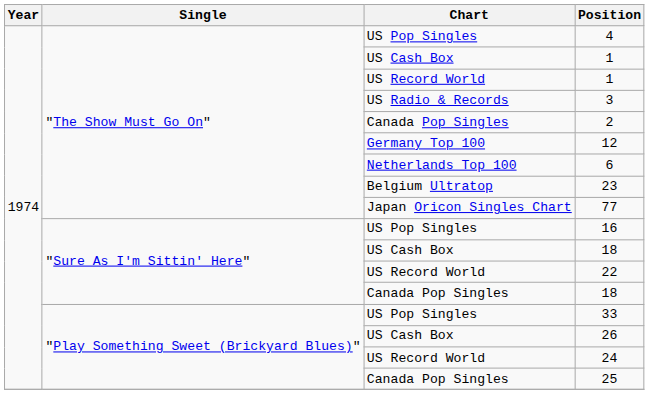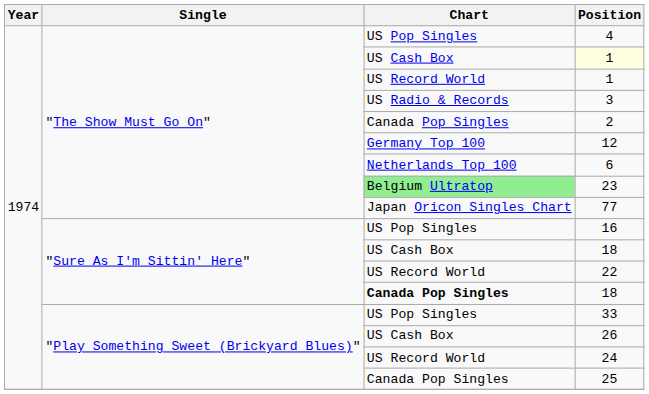 <table class="wikitable">
 <tr>
 <th>Year</th>
 <th>Single</th>
 <th>Chart</th>
 <th>Position</th>
 </tr>
 <tr>
 <td rowspan="17">1974</td>
 <td rowspan="9">"<a href='#'>The Show Must Go On</a>"</td>
 <td>US <a href='#'>Pop Singles</a></td>
 <td align="center">4</td>
 </tr>
 <tr>
 <td>US <a href='#'>Cash Box</a></td>
-<td align="center">1</td>
+<td align="center" style="background: lightyellow;">1</td>
 </tr>
 <tr>
 <td>US <a href='#'>Record World</a></td>
 <td align="center">1</td>
 </tr>
 <tr>
 <td>US <a href='#'>Radio & Records</a></td>
 <td align="center">3</td>
 </tr>
 <tr>
 <td>Canada <a href='#'>Pop Singles</a></td>
 <td align="center">2</td>
 </tr>
 <tr>
 <td><a href='#'>Germany Top 100</a></td>
 <td align="center">12</td>
 </tr>
 <tr>
 <td><a href='#'>Netherlands Top 100</a></td>
 <td align="center">6</td>
 </tr>
 <tr>
-<td>Belgium <a href='#'>Ultratop</a></td>
+<td style="background: lightgreen;">Belgium <a href='#'>Ultratop</a></td>
 <td align="center">23</td>
 </tr>
 <tr>
 <td>Japan <a href='#'>Oricon Singles Chart</a></td>
 <td align="center">77</td>
 </tr>
 <tr>
 <td rowspan="4">"<a href='#'>Sure As I'm Sittin' Here</a>"</td>
 <td>US Pop Singles</td>
 <td align="center">16</td>
 </tr>
 <tr>
 <td>US Cash Box</td>
 <td align="center">18</td>
 </tr>
 <tr>
 <td>US Record World</td>
 <td align="center">22</td>
 </tr>
 <tr>
-<td>Canada Pop Singles</td>
+<td><strong>Canada Pop Singles</strong></td>
 <td align="center">18</td>
 </tr>
 <tr>
 <td rowspan="4">"<a href='#'>Play Something Sweet (Brickyard Blues)</a>"</td>
 <td>US Pop Singles</td>
 <td align="center">33</td>
 </tr>
 <tr>
 <td>US Cash Box</td>
 <td align="center">26</td>
 </tr>
 <tr>
 <td>US Record World</td>
 <td align="center">24</td>
 </tr>
 <tr>
 <td>Canada Pop Singles</td>
 <td align="center">25</td>
 </tr>
 <tr>
 </tr>
 </table>
